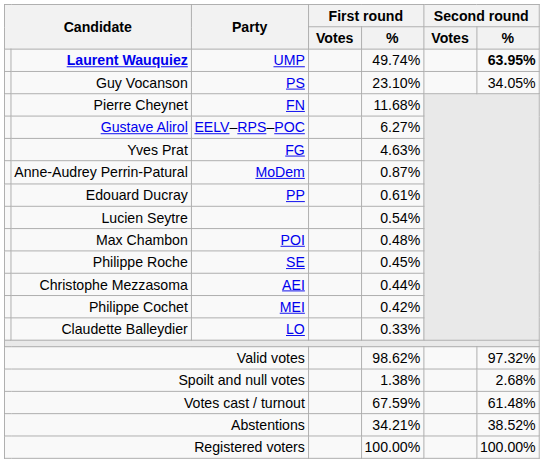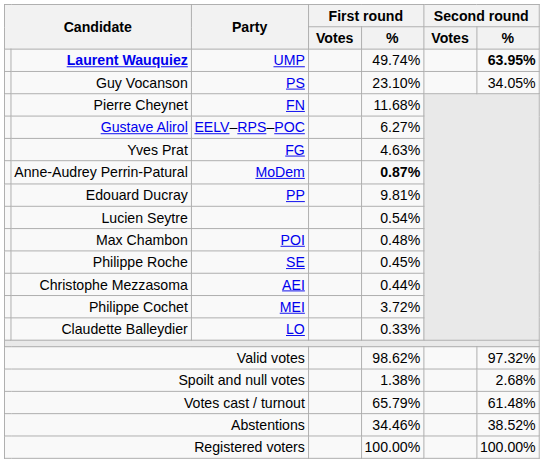 <table class="wikitable" style="text-align:right;font-size:95%;">
 <tr>
 <th rowspan=2 colspan=2>Candidate</th>
 <th rowspan=2 colspan=1>Party</th>
 <th colspan=2>First round</th>
 <th colspan=2>Second round</th>
 </tr>
 <tr>
 <th style="width:50px;">Votes</th>
 <th style="width:55px;">%</th>
 <th style="width:50px;">Votes</th>
 <th style="width:55px;">%</th>
 </tr>
 <tr>
 <td style="color:inherit;background-color:"></td>
 <td><strong><a href='#'>Laurent Wauquiez</a></strong></td>
 <td><a href='#'>UMP</a></td>
 <td></td>
 <td>49.74%</td>
 <td><strong></strong></td>
 <td><strong>63.95%</strong></td>
 </tr>
 <tr>
 <td style="color:inherit;background-color:"></td>
 <td>Guy Vocanson</td>
 <td><a href='#'>PS</a></td>
 <td></td>
 <td>23.10%</td>
 <td></td>
 <td>34.05%</td>
 </tr>
 <tr>
 <td style="color:inherit;background-color:"></td>
 <td>Pierre Cheynet</td>
 <td><a href='#'>FN</a></td>
 <td></td>
 <td>11.68%</td>
 <td colspan=7 rowspan=11 style="background-color:#E9E9E9;"></td>
 </tr>
 <tr>
 <td style="color:inherit;background-color:"></td>
 <td><a href='#'>Gustave Alirol</a></td>
 <td><a href='#'>EELV</a>–<a href='#'>RPS</a>–<a href='#'>POC</a></td>
 <td></td>
 <td>6.27%</td>
 </tr>
 <tr>
 <td style="color:inherit;background-color:"></td>
 <td>Yves Prat</td>
 <td><a href='#'>FG</a></td>
 <td></td>
 <td>4.63%</td>
 </tr>
 <tr>
 <td style="color:inherit;background-color:"></td>
 <td>Anne-Audrey Perrin-Patural</td>
 <td><a href='#'>MoDem</a></td>
 <td></td>
-<td>0.87%</td>
+<td><strong>0.87%</strong></td>
 </tr>
 <tr>
 <td style="color:inherit;background-color:"></td>
 <td>Edouard Ducray</td>
 <td><a href='#'>PP</a></td>
 <td></td>
-<td>0.61%</td>
+<td>9.81%</td>
 </tr>
 <tr>
 <td style="color:inherit;background-color:"></td>
 <td>Lucien Seytre</td>
 <td></td>
 <td></td>
 <td>0.54%</td>
 </tr>
 <tr>
 <td style="color:inherit;background-color:"></td>
 <td>Max Chambon</td>
 <td><a href='#'>POI</a></td>
 <td></td>
 <td>0.48%</td>
 </tr>
 <tr>
 <td style="color:inherit;background-color:"></td>
 <td>Philippe Roche</td>
 <td><a href='#'>SE</a></td>
 <td></td>
 <td>0.45%</td>
 </tr>
 <tr>
 <td style="color:inherit;background-color:"></td>
 <td>Christophe Mezzasoma</td>
 <td><a href='#'>AEI</a></td>
 <td></td>
 <td>0.44%</td>
 </tr>
 <tr>
 <td style="color:inherit;background-color:"></td>
 <td>Philippe Cochet</td>
 <td><a href='#'>MEI</a></td>
 <td></td>
-<td>0.42%</td>
+<td>3.72%</td>
 </tr>
 <tr>
 <td style="color:inherit;background-color:"></td>
 <td>Claudette Balleydier</td>
 <td><a href='#'>LO</a></td>
 <td></td>
 <td>0.33%</td>
 </tr>
 <tr>
 <td colspan=7 style="background-color:#E9E9E9;"></td>
 </tr>
 <tr>
 <td colspan=3>Valid votes</td>
 <td></td>
 <td>98.62%</td>
 <td></td>
 <td>97.32%</td>
 </tr>
 <tr>
 <td colspan=3>Spoilt and null votes</td>
 <td></td>
 <td>1.38%</td>
 <td></td>
 <td>2.68%</td>
 </tr>
 <tr>
 <td colspan=3>Votes cast / turnout</td>
 <td></td>
-<td>67.59%</td>
+<td>65.79%</td>
 <td></td>
 <td>61.48%</td>
 </tr>
 <tr>
 <td colspan=3>Abstentions</td>
 <td></td>
-<td>34.21%</td>
+<td>34.46%</td>
 <td></td>
 <td>38.52%</td>
 </tr>
 <tr>
 <td colspan=3>Registered voters</td>
 <td></td>
 <td>100.00%</td>
 <td></td>
 <td>100.00%</td>
 </tr>
 </table>
